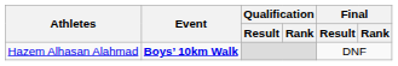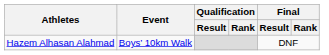 <table class="wikitable" border="1" style="font-size:90%">
 <tr>
 <th rowspan=2>Athletes</th>
 <th rowspan=2>Event</th>
 <th colspan=2>Qualification</th>
 <th colspan=2>Final</th>
 </tr>
 <tr>
 <th>Result</th>
 <th>Rank</th>
 <th>Result</th>
 <th>Rank</th>
 </tr>
 <tr>
 <td><a href='#'>Hazem Alhasan Alahmad</a></td>
-<td><strong><a href='#'>Boys’ 10km Walk</a></strong></td>
+<td><a href='#'>Boys’ 10km Walk</a></td>
 <td colspan=2 bgcolor=#DCDCDC></td>
 <td align=center colspan=2>DNF</td>
 </tr>
 </table>
